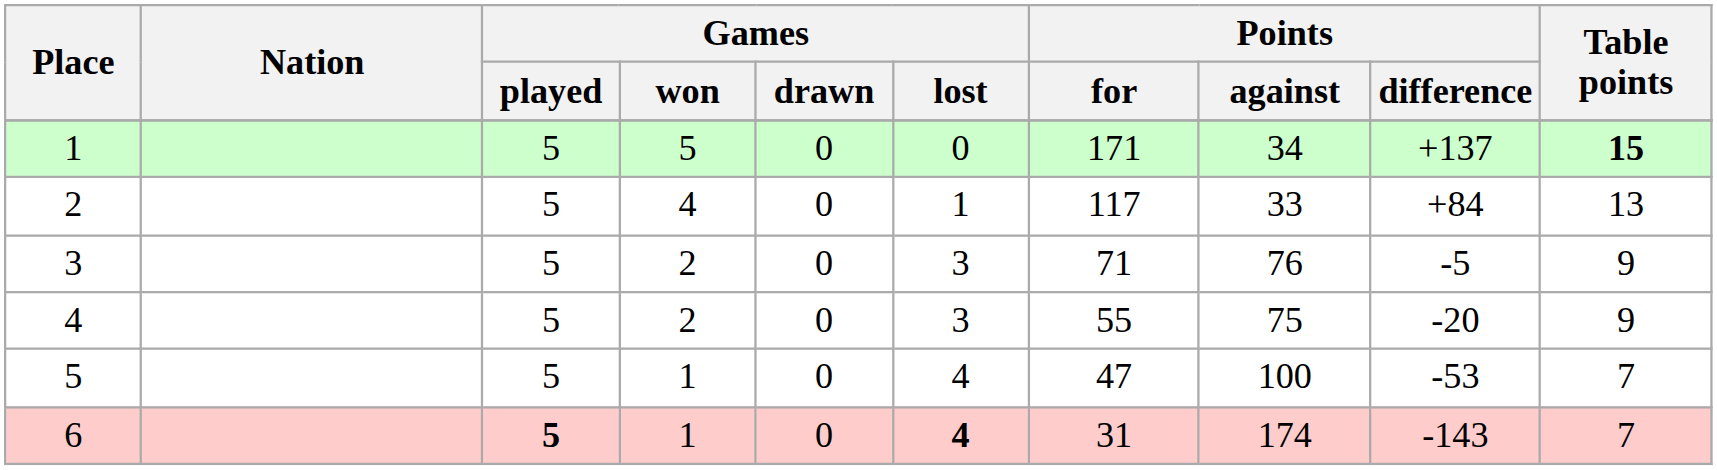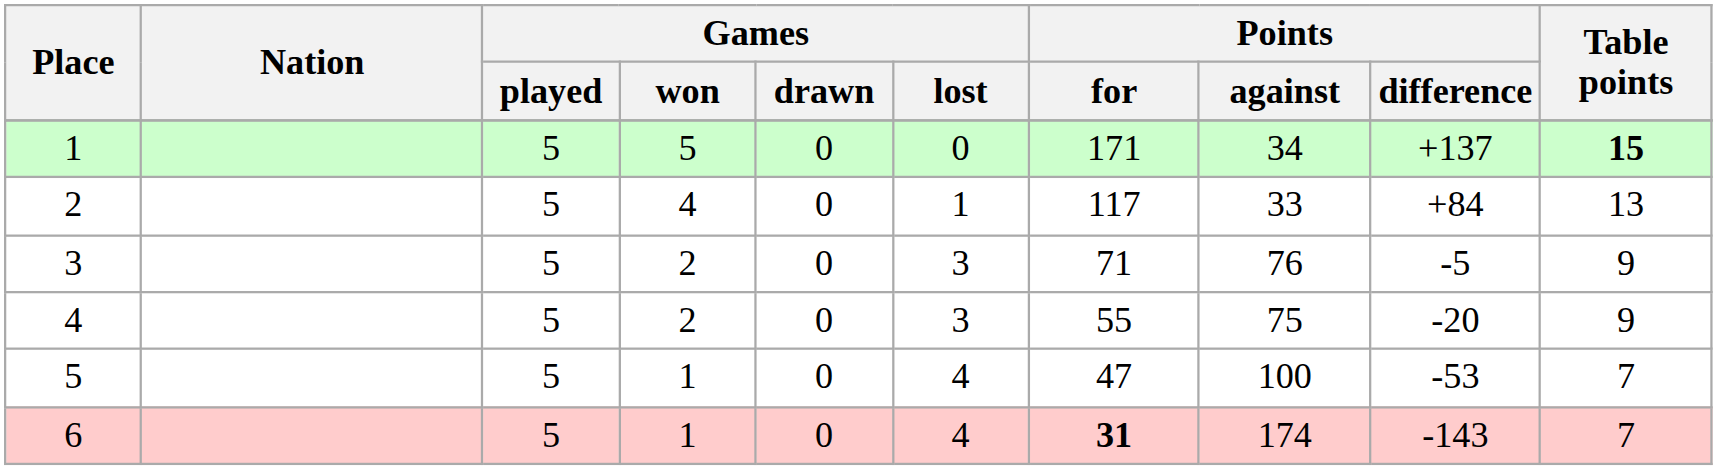 <table class="wikitable">
 <tr>
 <th rowspan=2 width="8%">Place</th>
 <th rowspan=2 width="20%">Nation</th>
 <th colspan=4 width="32%">Games</th>
 <th colspan=3 width="30%">Points</th>
 <th rowspan=2 width="10%">Table<br>points</th>
 </tr>
 <tr>
 <th width="8%">played</th>
 <th width="8%">won</th>
 <th width="8%">drawn</th>
 <th width="8%">lost</th>
 <th width="10%">for</th>
 <th width="10%">against</th>
 <th width="10%">difference</th>
 </tr>
 <tr>
 </tr>
 <tr bgcolor=#ccffcc align=center>
 <td>1</td>
 <td align=left><strong></strong></td>
 <td>5</td>
 <td>5</td>
 <td>0</td>
 <td>0</td>
 <td>171</td>
 <td>34</td>
 <td>+137</td>
 <td><strong>15</strong></td>
 </tr>
 <tr bgcolor=#ffffff align=center>
 <td>2</td>
 <td align=left></td>
 <td>5</td>
 <td>4</td>
 <td>0</td>
 <td>1</td>
 <td>117</td>
 <td>33</td>
 <td>+84</td>
 <td>13</td>
 </tr>
 <tr bgcolor=#ffffff align=center>
 <td>3</td>
 <td align=left></td>
 <td>5</td>
 <td>2</td>
 <td>0</td>
 <td>3</td>
 <td>71</td>
 <td>76</td>
 <td>-5</td>
 <td>9</td>
 </tr>
 <tr bgcolor=#ffffff align=center>
 <td>4</td>
 <td align=left></td>
 <td>5</td>
 <td>2</td>
 <td>0</td>
 <td>3</td>
 <td>55</td>
 <td>75</td>
 <td>-20</td>
 <td>9</td>
 </tr>
 <tr bgcolor=#ffffff align=center>
 <td>5</td>
 <td align=left></td>
 <td>5</td>
 <td>1</td>
 <td>0</td>
 <td>4</td>
 <td>47</td>
 <td>100</td>
 <td>-53</td>
 <td>7</td>
 </tr>
 <tr bgcolor=#ffcccc align=center>
 <td>6</td>
 <td align=left><em></em></td>
-<td><strong>5</strong></td>
+<td>5</td>
 <td>1</td>
 <td>0</td>
-<td><strong>4</strong></td>
-<td>31</td>
+<td>4</td>
+<td><strong>31</strong></td>
 <td>174</td>
 <td>-143</td>
 <td>7</td>
 </tr>
 </table>
